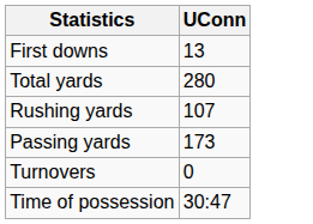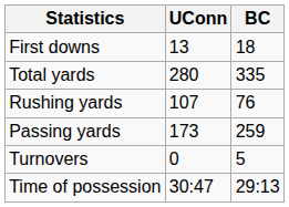 <table class="wikitable">
 <tr>
 <th>Statistics</th>
 <th>UConn</th>
+<th>BC</th>
 </tr>
 <tr>
 <td>First downs</td>
 <td>13</td>
+<td>18</td>
 </tr>
 <tr>
 <td>Total yards</td>
 <td>280</td>
+<td>335</td>
 </tr>
 <tr>
 <td>Rushing yards</td>
 <td>107</td>
+<td>76</td>
 </tr>
 <tr>
 <td>Passing yards</td>
 <td>173</td>
+<td>259</td>
 </tr>
 <tr>
 <td>Turnovers</td>
 <td>0</td>
+<td>5</td>
 </tr>
 <tr>
 <td>Time of possession</td>
 <td>30:47</td>
+<td>29:13</td>
 </tr>
 </table>
